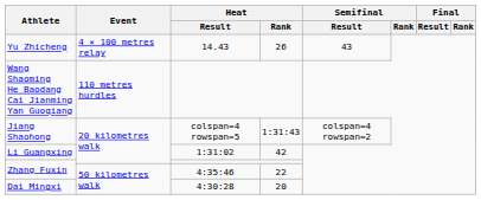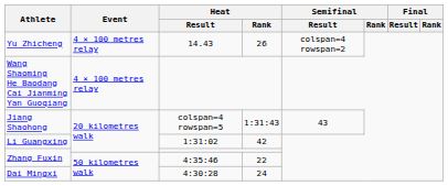 <table class=wikitable style=font-size:90%>
 <tr>
 <th rowspan=2>Athlete</th>
 <th rowspan=2>Event</th>
 <th colspan=2>Heat</th>
 <th colspan=2>Semifinal</th>
 <th colspan=2>Final</th>
 </tr>
 <tr style=font-size:95%>
 <th>Result</th>
 <th>Rank</th>
 <th>Result</th>
 <th>Rank</th>
 <th>Result</th>
 <th>Rank</th>
 </tr>
 <tr align=center>
 <td align=left><a href='#'>Yu Zhicheng</a></td>
 <td align=left><a href='#'>4 × 100 metres relay</a></td>
 <td>14.43</td>
 <td>26</td>
-<td>43</td>
+<td>colspan=4 rowspan=2 </td>
 </tr>
 <tr align=center>
 <td align=left><a href='#'>Wang Shaoming</a><br><a href='#'>He Baodang</a><br><a href='#'>Cai Jianming</a><br><a href='#'>Yan Guoqiang</a></td>
-<td align=left><a href='#'>110 metres hurdles</a></td>
+<td align=left><a href='#'>4 × 100 metres relay</a></td>
 <td colspan=2></td>
 </tr>
 <tr align=center>
 <td align=left><a href='#'>Jiang Shaohong</a></td>
 <td align=left rowspan=3><a href='#'>20 kilometres walk</a></td>
 <td>colspan=4 rowspan=5 </td>
 <td>1:31:43</td>
-<td>colspan=4 rowspan=2 </td>
+<td>43</td>
 </tr>
 <tr align=center>
 <td align=left><a href='#'>Li Guangxing</a></td>
 <td>1:31:02</td>
 <td>42</td>
 </tr>
 <tr align=center>
 <td align=left rowspan=2><a href='#'>Zhang Fuxin</a></td>
 <td colspan=2></td>
 </tr>
 <tr align=center>
 <td align=left rowspan=2><a href='#'>50 kilometres walk</a></td>
 <td>4:35:46</td>
 <td>22</td>
 </tr>
 <tr align=center>
 <td align=left><a href='#'>Dai Mingxi</a></td>
 <td>4:30:28</td>
-<td>20</td>
+<td>24</td>
 </tr>
 </table>
